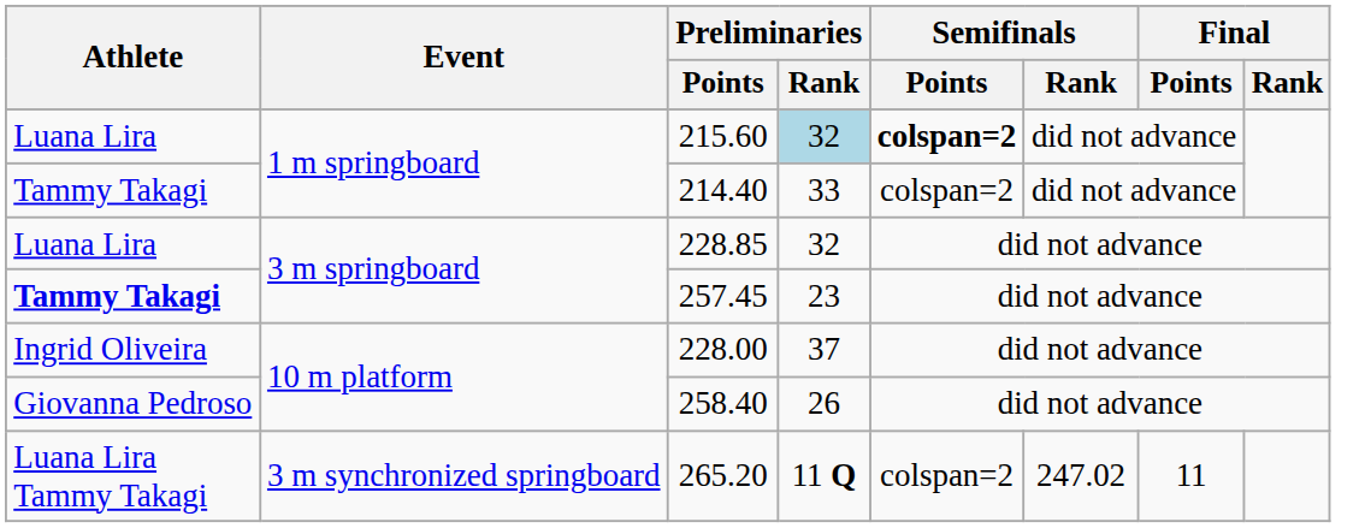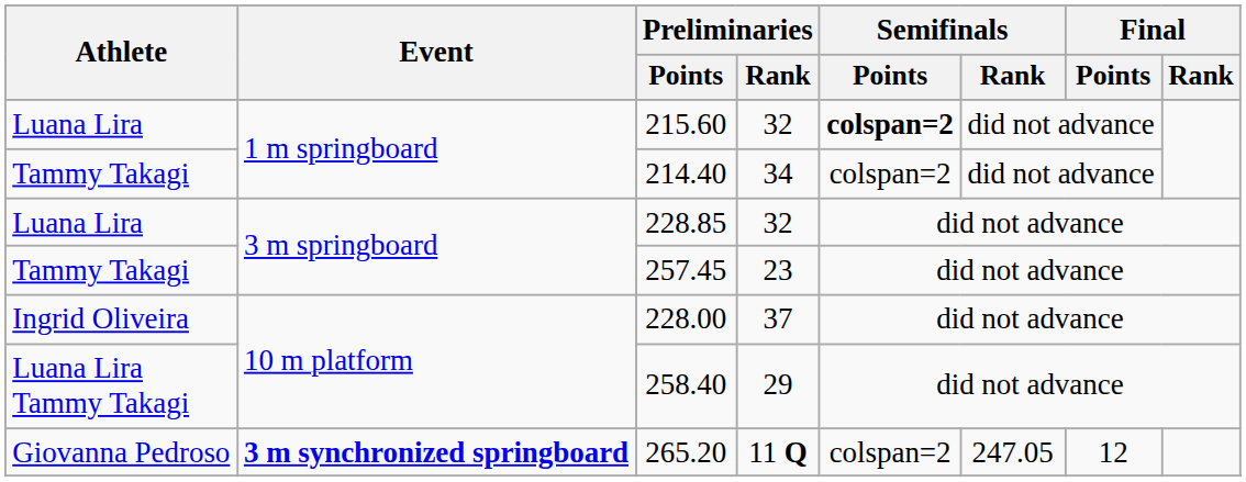 <table class=wikitable style="font-size:90%;">
 <tr>
 <th rowspan="2">Athlete</th>
 <th rowspan="2">Event</th>
 <th colspan="2">Preliminaries</th>
 <th colspan="2">Semifinals</th>
 <th colspan="2">Final</th>
 </tr>
 <tr style="font-size:95%">
 <th>Points</th>
 <th>Rank</th>
 <th>Points</th>
 <th>Rank</th>
 <th>Points</th>
 <th>Rank</th>
 </tr>
 <tr align=center>
 <td align=left><a href='#'>Luana Lira</a></td>
 <td align=left rowspan=2><a href='#'>1 m springboard</a></td>
 <td>215.60</td>
-<td style="background: lightblue;">32</td>
+<td>32</td>
 <td><strong>colspan=2 </strong></td>
 <td colspan=2>did not advance</td>
 </tr>
 <tr align=center>
 <td align=left><a href='#'>Tammy Takagi</a></td>
 <td>214.40</td>
-<td>33</td>
+<td>34</td>
 <td>colspan=2 </td>
 <td colspan=2>did not advance</td>
 </tr>
 <tr align=center>
 <td align=left><a href='#'>Luana Lira</a></td>
 <td align=left rowspan=2><a href='#'>3 m springboard</a></td>
 <td>228.85</td>
 <td>32</td>
 <td colspan=4>did not advance</td>
 </tr>
 <tr align=center>
-<td align=left><strong><a href='#'>Tammy Takagi</a></strong></td>
+<td align=left><a href='#'>Tammy Takagi</a></td>
 <td>257.45</td>
 <td>23</td>
 <td colspan=4>did not advance</td>
 </tr>
 <tr align=center>
 <td align=left><a href='#'>Ingrid Oliveira</a></td>
 <td align=left rowspan=2><a href='#'>10 m platform</a></td>
 <td>228.00</td>
 <td>37</td>
 <td colspan=4>did not advance</td>
 </tr>
 <tr align=center>
-<td align=left><a href='#'>Giovanna Pedroso</a></td>
+<td align=left><a href='#'>Luana Lira</a><br><a href='#'>Tammy Takagi</a></td>
 <td>258.40</td>
-<td>26</td>
+<td>29</td>
 <td colspan=4>did not advance</td>
 </tr>
 <tr align=center>
-<td align=left><a href='#'>Luana Lira</a><br><a href='#'>Tammy Takagi</a></td>
-<td align=left><a href='#'>3 m synchronized springboard</a></td>
+<td align=left><a href='#'>Giovanna Pedroso</a></td>
+<td align=left><strong><a href='#'>3 m synchronized springboard</a></strong></td>
 <td>265.20</td>
 <td>11 <strong>Q</strong></td>
 <td>colspan=2 </td>
-<td>247.02</td>
-<td>11</td>
+<td>247.05</td>
+<td>12</td>
 </tr>
 </table>
